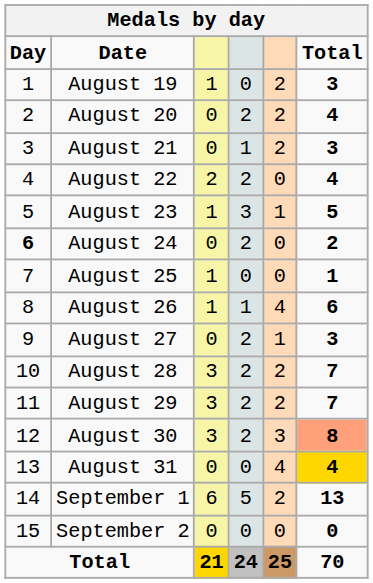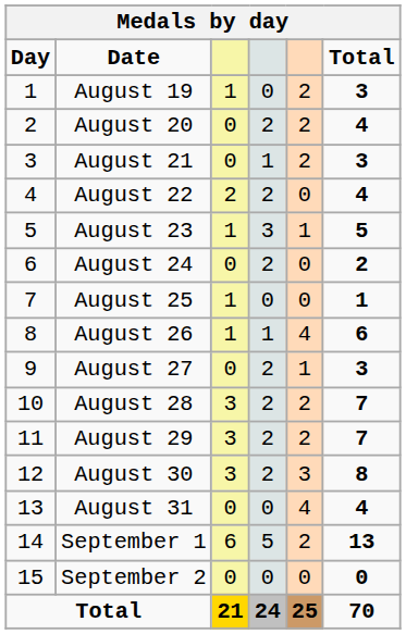 <table class=wikitable style="font-size:85%; float:right;text-align:center">
 <tr>
 <th colspan=7>Medals by day</th>
 </tr>
 <tr>
 <td><strong>Day</strong></td>
 <td><strong>Date</strong></td>
 <td bgcolor=F7F6A8></td>
 <td bgcolor=DCE5E5></td>
 <td bgcolor=FFDAB9></td>
 <td><strong>Total</strong></td>
 </tr>
 <tr>
 <td>1</td>
 <td>August 19</td>
 <td bgcolor=F7F6A8>1</td>
 <td bgcolor=DCE5E5>0</td>
 <td bgcolor=FFDAB9>2</td>
 <td><strong>3</strong></td>
 </tr>
 <tr>
 <td>2</td>
 <td>August 20</td>
 <td bgcolor=F7F6A8>0</td>
 <td bgcolor=DCE5E5>2</td>
 <td bgcolor=FFDAB9>2</td>
 <td><strong>4</strong></td>
 </tr>
 <tr>
 <td>3</td>
 <td>August 21</td>
 <td bgcolor=F7F6A8>0</td>
 <td bgcolor=DCE5E5>1</td>
 <td bgcolor=FFDAB9>2</td>
 <td><strong>3</strong></td>
 </tr>
 <tr>
 <td>4</td>
 <td>August 22</td>
 <td bgcolor=F7F6A8>2</td>
 <td bgcolor=DCE5E5>2</td>
 <td bgcolor=FFDAB9>0</td>
 <td><strong>4</strong></td>
 </tr>
 <tr>
 <td>5</td>
 <td>August 23</td>
 <td bgcolor=F7F6A8>1</td>
 <td bgcolor=DCE5E5>3</td>
 <td bgcolor=FFDAB9>1</td>
 <td><strong>5</strong></td>
 </tr>
 <tr>
-<td><strong>6</strong></td>
+<td>6</td>
 <td>August 24</td>
 <td bgcolor=F7F6A8>0</td>
 <td bgcolor=DCE5E5>2</td>
 <td bgcolor=FFDAB9>0</td>
 <td><strong>2</strong></td>
 </tr>
 <tr>
 <td>7</td>
 <td>August 25</td>
 <td bgcolor=F7F6A8>1</td>
 <td bgcolor=DCE5E5>0</td>
 <td bgcolor=FFDAB9>0</td>
 <td><strong>1</strong></td>
 </tr>
 <tr>
 <td>8</td>
 <td>August 26</td>
 <td bgcolor=F7F6A8>1</td>
 <td bgcolor=DCE5E5>1</td>
 <td bgcolor=FFDAB9>4</td>
 <td><strong>6</strong></td>
 </tr>
 <tr>
 <td>9</td>
 <td>August 27</td>
 <td bgcolor=F7F6A8>0</td>
 <td bgcolor=DCE5E5>2</td>
 <td bgcolor=FFDAB9>1</td>
 <td><strong>3</strong></td>
 </tr>
 <tr>
 <td>10</td>
 <td>August 28</td>
 <td bgcolor=F7F6A8>3</td>
 <td bgcolor=DCE5E5>2</td>
 <td bgcolor=FFDAB9>2</td>
 <td><strong>7</strong></td>
 </tr>
 <tr>
 <td>11</td>
 <td>August 29</td>
 <td bgcolor=F7F6A8>3</td>
 <td bgcolor=DCE5E5>2</td>
 <td bgcolor=FFDAB9>2</td>
 <td><strong>7</strong></td>
 </tr>
 <tr>
 <td>12</td>
 <td>August 30</td>
 <td bgcolor=F7F6A8>3</td>
 <td bgcolor=DCE5E5>2</td>
 <td bgcolor=FFDAB9>3</td>
-<td style="background: lightsalmon;"><strong>8</strong></td>
+<td><strong>8</strong></td>
 </tr>
 <tr>
 <td>13</td>
 <td>August 31</td>
 <td bgcolor=F7F6A8>0</td>
 <td bgcolor=DCE5E5>0</td>
 <td bgcolor=FFDAB9>4</td>
-<td style="background: gold;"><strong>4</strong></td>
+<td><strong>4</strong></td>
 </tr>
 <tr>
 <td>14</td>
 <td>September 1</td>
 <td bgcolor=F7F6A8>6</td>
 <td bgcolor=DCE5E5>5</td>
 <td bgcolor=FFDAB9>2</td>
 <td><strong>13</strong></td>
 </tr>
 <tr>
 <td>15</td>
 <td>September 2</td>
 <td bgcolor=F7F6A8>0</td>
 <td bgcolor=DCE5E5>0</td>
 <td bgcolor=FFDAB9>0</td>
 <td><strong>0</strong></td>
 </tr>
 <tr>
 <td colspan=2><strong>Total</strong></td>
 <td style="background:gold;"><strong>21</strong></td>
 <td style="background:silver;"><strong>24</strong></td>
 <td style="background:#c96;"><strong>25</strong></td>
 <td><strong>70</strong></td>
 </tr>
 </table>
